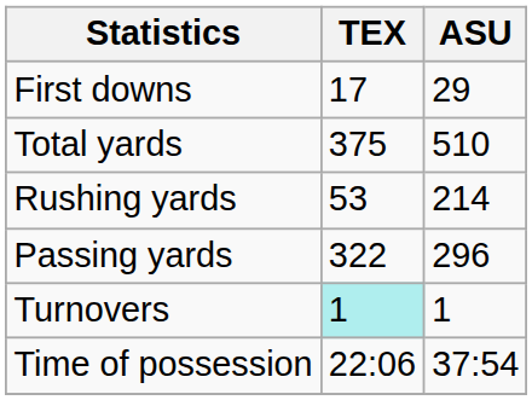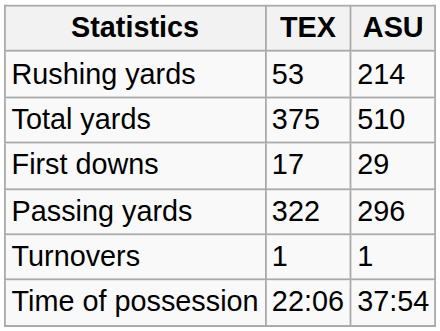 <table class="wikitable" style="float: left;">
 <tr>
 <th>Statistics</th>
 <th>TEX</th>
 <th>ASU</th>
 </tr>
 <tr>
-<td>First downs</td>
-<td>17</td>
-<td>29</td>
+<td>Rushing yards</td>
+<td>53</td>
+<td>214</td>
 </tr>
 <tr>
 <td>Total yards</td>
 <td>375</td>
 <td>510</td>
 </tr>
 <tr>
-<td>Rushing yards</td>
-<td>53</td>
-<td>214</td>
+<td>First downs</td>
+<td>17</td>
+<td>29</td>
 </tr>
 <tr>
 <td>Passing yards</td>
 <td>322</td>
 <td>296</td>
 </tr>
 <tr>
 <td>Turnovers</td>
-<td style="background: paleturquoise;">1</td>
+<td>1</td>
 <td>1</td>
 </tr>
 <tr>
 <td>Time of possession</td>
 <td>22:06</td>
 <td>37:54</td>
 </tr>
 <tr>
 </tr>
 </table>
